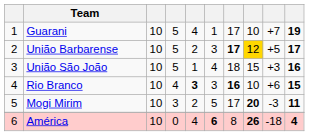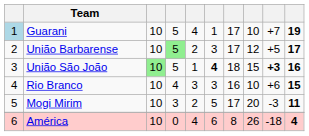 <table class="wikitable" style="text-align: center;">
 <tr>
 <th width=20></th>
 <th width=165>Team</th>
 <th width=20></th>
 <th width=20></th>
 <th width=20></th>
 <th width=20></th>
 <th width=20></th>
 <th width=20></th>
 <th width=20></th>
 <th width=20></th>
 </tr>
 <tr>
-<td>1</td>
+<td style="background: lightblue;">1</td>
 <td align=left><a href='#'>Guarani</a></td>
 <td>10</td>
 <td>5</td>
 <td>4</td>
 <td>1</td>
 <td>17</td>
 <td>10</td>
 <td>+7</td>
 <td><strong>19</strong></td>
 </tr>
 <tr>
 <td>2</td>
 <td align=left><a href='#'>União Barbarense</a></td>
 <td>10</td>
-<td>5</td>
+<td style="background: lightgreen;">5</td>
 <td>2</td>
 <td>3</td>
-<td><strong>17</strong></td>
-<td style="background: gold;">12</td>
+<td>17</td>
+<td>12</td>
 <td>+5</td>
 <td><strong>17</strong></td>
 </tr>
 <tr>
 <td>3</td>
 <td align=left><a href='#'>União São João</a></td>
-<td>10</td>
+<td style="background: lightgreen;">10</td>
 <td>5</td>
 <td>1</td>
-<td>4</td>
+<td><strong>4</strong></td>
 <td>18</td>
 <td>15</td>
-<td>+3</td>
+<td><strong>+3</strong></td>
 <td><strong>16</strong></td>
 </tr>
 <tr>
 <td>4</td>
 <td align=left><a href='#'>Rio Branco</a></td>
 <td>10</td>
 <td>4</td>
-<td><strong>3</strong></td>
 <td>3</td>
-<td><strong>16</strong></td>
+<td>3</td>
+<td>16</td>
 <td>10</td>
 <td>+6</td>
 <td><strong>15</strong></td>
 </tr>
 <tr>
 <td>5</td>
 <td align=left><a href='#'>Mogi Mirim</a></td>
 <td>10</td>
 <td>3</td>
 <td>2</td>
 <td>5</td>
 <td>17</td>
-<td><strong>20</strong></td>
+<td>20</td>
 <td>-3</td>
 <td><strong>11</strong></td>
 </tr>
 <tr>
 </tr>
 <tr bgcolor="#FFCCCC">
 <td>6</td>
 <td align=left><a href='#'>América</a></td>
 <td>10</td>
 <td>0</td>
 <td>4</td>
-<td><strong>6</strong></td>
+<td>6</td>
 <td>8</td>
-<td><strong>26</strong></td>
+<td>26</td>
 <td>-18</td>
 <td><strong>4</strong></td>
 </tr>
 </table>
